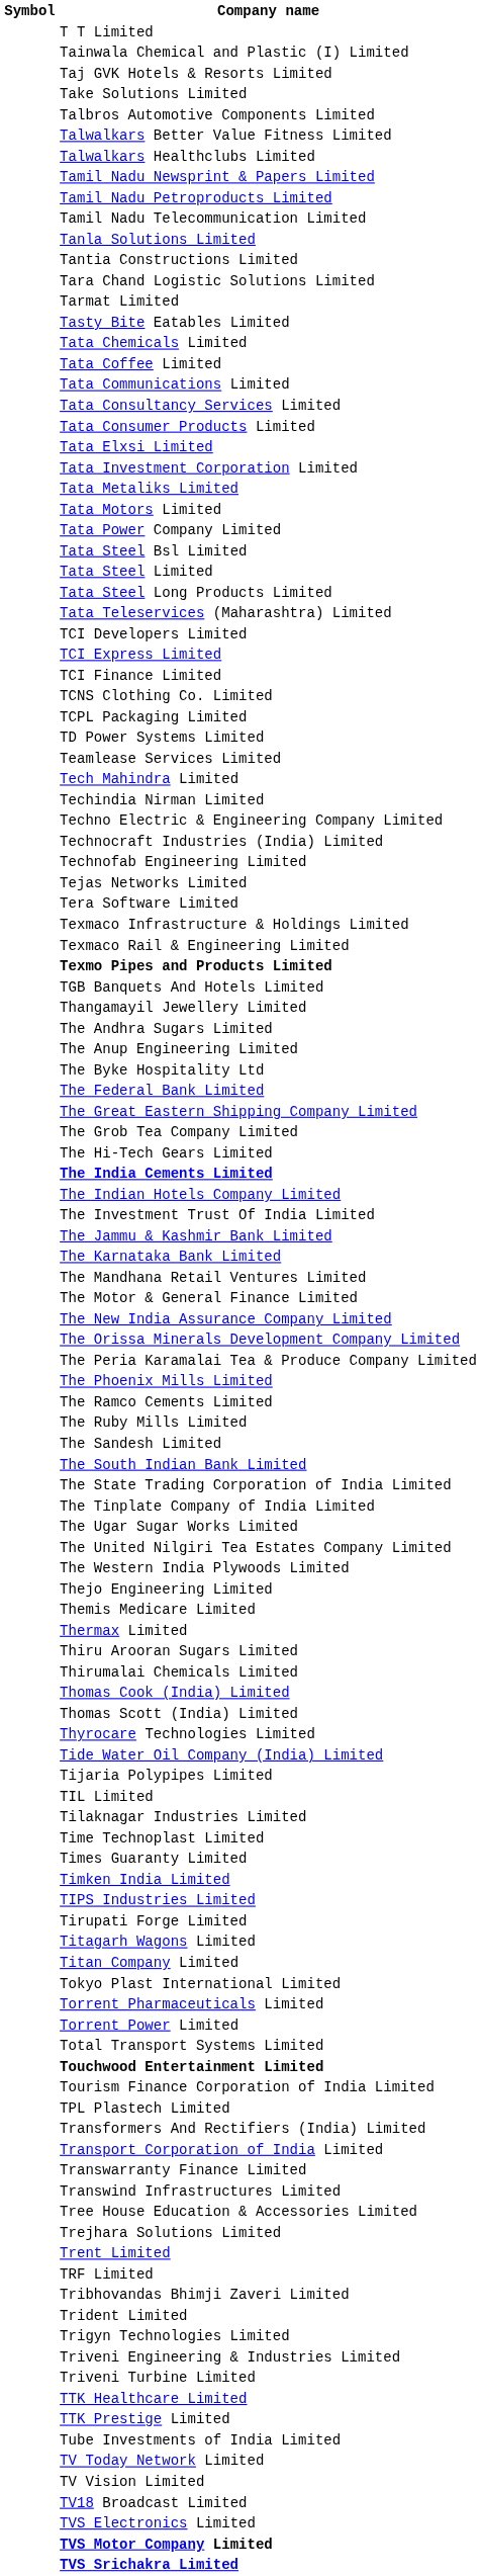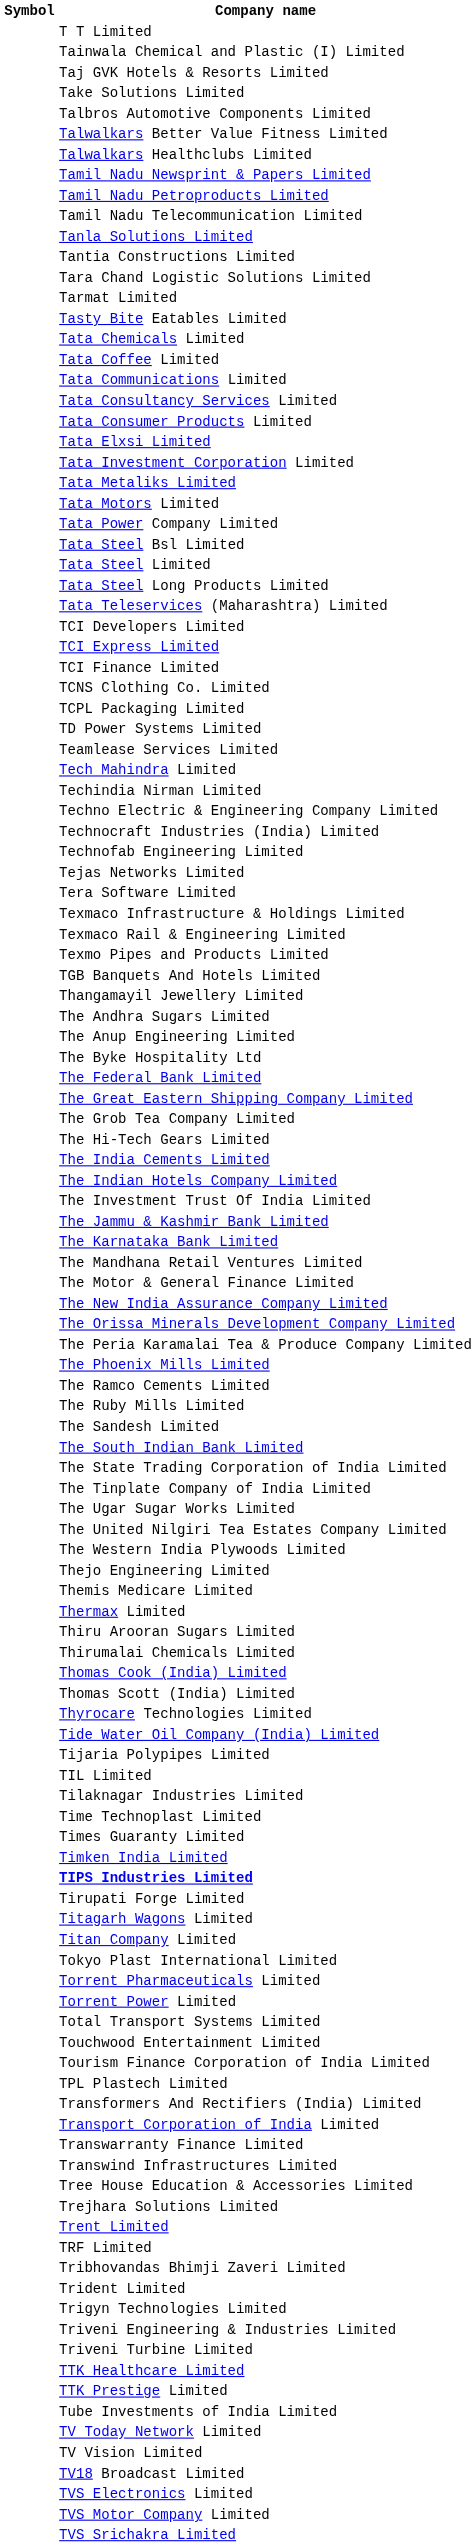 <table style="background:transparent;">
 <tr>
 <th>Symbol</th>
 <th>Company name</th>
 </tr>
 <tr>
 <td></td>
 <td>T T Limited</td>
 </tr>
 <tr>
 <td></td>
 <td>Tainwala Chemical and Plastic (I) Limited</td>
 </tr>
 <tr>
 <td></td>
 <td>Taj GVK Hotels & Resorts Limited</td>
 </tr>
 <tr>
 <td></td>
 <td>Take Solutions Limited</td>
 </tr>
 <tr>
 <td></td>
 <td>Talbros Automotive Components Limited</td>
 </tr>
 <tr>
 <td></td>
 <td><a href='#'>Talwalkars</a> Better Value Fitness Limited</td>
 </tr>
 <tr>
 <td></td>
 <td><a href='#'>Talwalkars</a> Healthclubs Limited</td>
 </tr>
 <tr>
 <td></td>
 <td><a href='#'>Tamil Nadu Newsprint & Papers Limited</a></td>
 </tr>
 <tr>
 <td></td>
 <td><a href='#'>Tamil Nadu Petroproducts Limited</a></td>
 </tr>
 <tr>
 <td></td>
 <td>Tamil Nadu Telecommunication Limited</td>
 </tr>
 <tr>
 <td></td>
 <td><a href='#'>Tanla Solutions Limited</a></td>
 </tr>
 <tr>
 <td></td>
 <td>Tantia Constructions Limited</td>
 </tr>
 <tr>
 <td></td>
 <td>Tara Chand Logistic Solutions Limited</td>
 </tr>
 <tr>
 <td></td>
 <td>Tarmat Limited</td>
 </tr>
 <tr>
 <td></td>
 <td><a href='#'>Tasty Bite</a> Eatables Limited</td>
 </tr>
 <tr>
 <td></td>
 <td><a href='#'>Tata Chemicals</a> Limited</td>
 </tr>
 <tr>
 <td></td>
 <td><a href='#'>Tata Coffee</a> Limited</td>
 </tr>
 <tr>
 <td></td>
 <td><a href='#'>Tata Communications</a> Limited</td>
 </tr>
 <tr>
 <td></td>
 <td><a href='#'>Tata Consultancy Services</a> Limited</td>
 </tr>
 <tr>
 <td></td>
 <td><a href='#'>Tata Consumer Products</a> Limited</td>
 </tr>
 <tr>
 <td></td>
 <td><a href='#'>Tata Elxsi Limited</a></td>
 </tr>
 <tr>
 <td></td>
 <td><a href='#'>Tata Investment Corporation</a> Limited</td>
 </tr>
 <tr>
 <td></td>
 <td><a href='#'>Tata Metaliks Limited</a></td>
 </tr>
 <tr>
 <td></td>
 <td><a href='#'>Tata Motors</a> Limited</td>
 </tr>
 <tr>
 <td></td>
 <td><a href='#'>Tata Power</a> Company Limited</td>
 </tr>
 <tr>
 <td></td>
 <td><a href='#'>Tata Steel</a> Bsl Limited</td>
 </tr>
 <tr>
 <td></td>
 <td><a href='#'>Tata Steel</a> Limited</td>
 </tr>
 <tr>
 <td></td>
 <td><a href='#'>Tata Steel</a> Long Products Limited</td>
 </tr>
 <tr>
 <td></td>
 <td><a href='#'>Tata Teleservices</a> (Maharashtra) Limited</td>
 </tr>
 <tr>
 <td></td>
 <td>TCI Developers Limited</td>
 </tr>
 <tr>
 <td></td>
 <td><a href='#'>TCI Express Limited</a></td>
 </tr>
 <tr>
 <td></td>
 <td>TCI Finance Limited</td>
 </tr>
 <tr>
 <td></td>
 <td>TCNS Clothing Co. Limited</td>
 </tr>
 <tr>
 <td></td>
 <td>TCPL Packaging Limited</td>
 </tr>
 <tr>
 <td></td>
 <td>TD Power Systems Limited</td>
 </tr>
 <tr>
 <td></td>
 <td>Teamlease Services Limited</td>
 </tr>
 <tr>
 <td></td>
 <td><a href='#'>Tech Mahindra</a> Limited</td>
 </tr>
 <tr>
 <td></td>
 <td>Techindia Nirman Limited</td>
 </tr>
 <tr>
 <td></td>
 <td>Techno Electric & Engineering Company Limited</td>
 </tr>
 <tr>
 <td></td>
 <td>Technocraft Industries (India) Limited</td>
 </tr>
 <tr>
 <td></td>
 <td>Technofab Engineering Limited</td>
 </tr>
 <tr>
 <td></td>
 <td>Tejas Networks Limited</td>
 </tr>
 <tr>
 <td></td>
 <td>Tera Software Limited</td>
 </tr>
 <tr>
 <td></td>
 <td>Texmaco Infrastructure & Holdings Limited</td>
 </tr>
 <tr>
 <td></td>
 <td>Texmaco Rail & Engineering Limited</td>
 </tr>
 <tr>
 <td></td>
-<td><strong>Texmo Pipes and Products Limited</strong></td>
+<td>Texmo Pipes and Products Limited</td>
 </tr>
 <tr>
 <td></td>
 <td>TGB Banquets And Hotels Limited</td>
 </tr>
 <tr>
 <td></td>
 <td>Thangamayil Jewellery Limited</td>
 </tr>
 <tr>
 <td></td>
 <td>The Andhra Sugars Limited</td>
 </tr>
 <tr>
 <td></td>
 <td>The Anup Engineering Limited</td>
 </tr>
 <tr>
 <td></td>
 <td>The Byke Hospitality Ltd</td>
 </tr>
 <tr>
 <td></td>
 <td><a href='#'>The Federal Bank Limited</a></td>
 </tr>
 <tr>
 <td></td>
 <td><a href='#'>The Great Eastern Shipping Company Limited</a></td>
 </tr>
 <tr>
 <td></td>
 <td>The Grob Tea Company Limited</td>
 </tr>
 <tr>
 <td></td>
 <td>The Hi-Tech Gears Limited</td>
 </tr>
 <tr>
 <td></td>
-<td><strong><a href='#'>The India Cements Limited</a></strong></td>
+<td><a href='#'>The India Cements Limited</a></td>
 </tr>
 <tr>
 <td></td>
 <td><a href='#'>The Indian Hotels Company Limited</a></td>
 </tr>
 <tr>
 <td></td>
 <td>The Investment Trust Of India Limited</td>
 </tr>
 <tr>
 <td></td>
 <td><a href='#'>The Jammu & Kashmir Bank Limited</a></td>
 </tr>
 <tr>
 <td></td>
 <td><a href='#'>The Karnataka Bank Limited</a></td>
 </tr>
 <tr>
 <td></td>
 <td>The Mandhana Retail Ventures Limited</td>
 </tr>
 <tr>
 <td></td>
 <td>The Motor & General Finance Limited</td>
 </tr>
 <tr>
 <td></td>
 <td><a href='#'>The New India Assurance Company Limited</a></td>
 </tr>
 <tr>
 <td></td>
 <td><a href='#'>The Orissa Minerals Development Company Limited</a></td>
 </tr>
 <tr>
 <td></td>
 <td>The Peria Karamalai Tea & Produce Company Limited</td>
 </tr>
 <tr>
 <td></td>
 <td><a href='#'>The Phoenix Mills Limited</a></td>
 </tr>
 <tr>
 <td></td>
 <td>The Ramco Cements Limited</td>
 </tr>
 <tr>
 <td></td>
 <td>The Ruby Mills Limited</td>
 </tr>
 <tr>
 <td></td>
 <td>The Sandesh Limited</td>
 </tr>
 <tr>
 <td></td>
 <td><a href='#'>The South Indian Bank Limited</a></td>
 </tr>
 <tr>
 <td></td>
 <td>The State Trading Corporation of India Limited</td>
 </tr>
 <tr>
 <td></td>
 <td>The Tinplate Company of India Limited</td>
 </tr>
 <tr>
 <td></td>
 <td>The Ugar Sugar Works Limited</td>
 </tr>
 <tr>
 <td></td>
 <td>The United Nilgiri Tea Estates Company Limited</td>
 </tr>
 <tr>
 <td></td>
 <td>The Western India Plywoods Limited</td>
 </tr>
 <tr>
 <td></td>
 <td>Thejo Engineering Limited</td>
 </tr>
 <tr>
 <td></td>
 <td>Themis Medicare Limited</td>
 </tr>
 <tr>
 <td></td>
 <td><a href='#'>Thermax</a> Limited</td>
 </tr>
 <tr>
 <td></td>
 <td>Thiru Arooran Sugars Limited</td>
 </tr>
 <tr>
 <td></td>
 <td>Thirumalai Chemicals Limited</td>
 </tr>
 <tr>
 <td></td>
 <td><a href='#'>Thomas Cook (India) Limited</a></td>
 </tr>
 <tr>
 <td></td>
 <td>Thomas Scott (India) Limited</td>
 </tr>
 <tr>
 <td></td>
 <td><a href='#'>Thyrocare</a> Technologies Limited</td>
 </tr>
 <tr>
 <td></td>
 <td><a href='#'>Tide Water Oil Company (India) Limited</a></td>
 </tr>
 <tr>
 <td></td>
 <td>Tijaria Polypipes Limited</td>
 </tr>
 <tr>
 <td></td>
 <td>TIL Limited</td>
 </tr>
 <tr>
 <td></td>
 <td>Tilaknagar Industries Limited</td>
 </tr>
 <tr>
 <td></td>
 <td>Time Technoplast Limited</td>
 </tr>
 <tr>
 <td></td>
 <td>Times Guaranty Limited</td>
 </tr>
 <tr>
 <td></td>
 <td><a href='#'>Timken India Limited</a></td>
 </tr>
 <tr>
 <td></td>
-<td><a href='#'>TIPS Industries Limited</a></td>
+<td><strong><a href='#'>TIPS Industries Limited</a></strong></td>
 </tr>
 <tr>
 <td></td>
 <td>Tirupati Forge Limited</td>
 </tr>
 <tr>
 <td></td>
 <td><a href='#'>Titagarh Wagons</a> Limited</td>
 </tr>
 <tr>
 <td></td>
 <td><a href='#'>Titan Company</a> Limited</td>
 </tr>
 <tr>
 <td></td>
 <td>Tokyo Plast International Limited</td>
 </tr>
 <tr>
 <td></td>
 <td><a href='#'>Torrent Pharmaceuticals</a> Limited</td>
 </tr>
 <tr>
 <td></td>
 <td><a href='#'>Torrent Power</a> Limited</td>
 </tr>
 <tr>
 <td></td>
 <td>Total Transport Systems Limited</td>
 </tr>
 <tr>
 <td></td>
-<td><strong>Touchwood Entertainment Limited</strong></td>
+<td>Touchwood Entertainment Limited</td>
 </tr>
 <tr>
 <td></td>
 <td>Tourism Finance Corporation of India Limited</td>
 </tr>
 <tr>
 <td></td>
 <td>TPL Plastech Limited</td>
 </tr>
 <tr>
 <td></td>
 <td>Transformers And Rectifiers (India) Limited</td>
 </tr>
 <tr>
 <td></td>
 <td><a href='#'>Transport Corporation of India</a> Limited</td>
 </tr>
 <tr>
 <td></td>
 <td>Transwarranty Finance Limited</td>
 </tr>
 <tr>
 <td></td>
 <td>Transwind Infrastructures Limited</td>
 </tr>
 <tr>
 <td></td>
 <td>Tree House Education & Accessories Limited</td>
 </tr>
 <tr>
 <td></td>
 <td>Trejhara Solutions Limited</td>
 </tr>
 <tr>
 <td></td>
 <td><a href='#'>Trent Limited</a></td>
 </tr>
 <tr>
 <td></td>
 <td>TRF Limited</td>
 </tr>
 <tr>
 <td></td>
 <td>Tribhovandas Bhimji Zaveri Limited</td>
 </tr>
 <tr>
 <td></td>
 <td>Trident Limited</td>
 </tr>
 <tr>
 <td></td>
 <td>Trigyn Technologies Limited</td>
 </tr>
 <tr>
 <td></td>
 <td>Triveni Engineering & Industries Limited</td>
 </tr>
 <tr>
 <td></td>
 <td>Triveni Turbine Limited</td>
 </tr>
 <tr>
 <td></td>
 <td><a href='#'>TTK Healthcare Limited</a></td>
 </tr>
 <tr>
 <td></td>
 <td><a href='#'>TTK Prestige</a> Limited</td>
 </tr>
 <tr>
 <td></td>
 <td>Tube Investments of India Limited</td>
 </tr>
 <tr>
 <td></td>
 <td><a href='#'>TV Today Network</a> Limited</td>
 </tr>
 <tr>
 <td></td>
 <td>TV Vision Limited</td>
 </tr>
 <tr>
 <td></td>
 <td><a href='#'>TV18</a> Broadcast Limited</td>
 </tr>
 <tr>
 <td></td>
 <td><a href='#'>TVS Electronics</a> Limited</td>
 </tr>
 <tr>
 <td></td>
-<td><strong><a href='#'>TVS Motor Company</a> Limited</strong></td>
+<td><a href='#'>TVS Motor Company</a> Limited</td>
 </tr>
 <tr>
 <td></td>
-<td><strong><a href='#'>TVS Srichakra Limited</a></strong></td>
+<td><a href='#'>TVS Srichakra Limited</a></td>
 </tr>
 <tr>
 </tr>
 </table>
